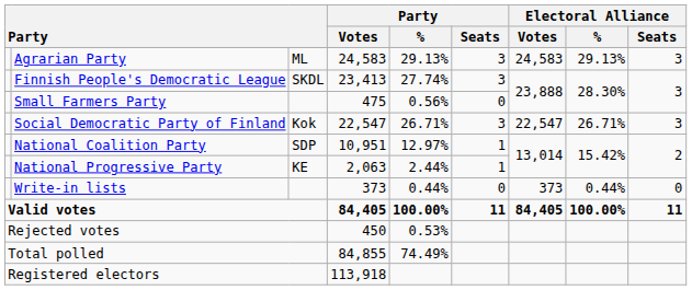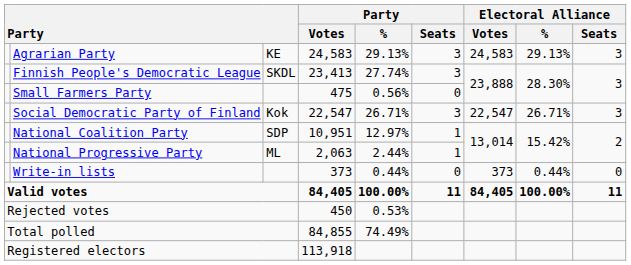 <table class="wikitable" border="1" style="text-align:right;">
 <tr>
 <th style="text-align:left;" valign=bottom rowspan=2 colspan=3>Party</th>
 <th colspan=3>Party</th>
 <th colspan=3>Electoral Alliance</th>
 </tr>
 <tr>
 <th align=center valign=bottom width="50">Votes</th>
 <th align=center valign=bottom width="50">%</th>
 <th align=center valign=bottom width="50">Seats</th>
 <th align=center valign=bottom width="50">Votes</th>
 <th align=center valign=bottom width="50">%</th>
 <th align=center valign=bottom width="50">Seats</th>
 </tr>
 <tr>
 <td></td>
 <td align=left><a href='#'>Agrarian Party</a></td>
-<td align=left>ML</td>
+<td align=left>KE</td>
 <td>24,583</td>
 <td>29.13%</td>
 <td>3</td>
 <td>24,583</td>
 <td>29.13%</td>
 <td>3</td>
 </tr>
 <tr>
 <td></td>
 <td align=left><a href='#'>Finnish People's Democratic League</a></td>
 <td align=left>SKDL</td>
 <td>23,413</td>
 <td>27.74%</td>
 <td>3</td>
 <td rowspan=2>23,888</td>
 <td rowspan=2>28.30%</td>
 <td rowspan=2>3</td>
 </tr>
 <tr>
 <td></td>
 <td align=left><a href='#'>Small Farmers Party</a></td>
 <td align=left></td>
 <td>475</td>
 <td>0.56%</td>
 <td>0</td>
 </tr>
 <tr>
 <td></td>
 <td align=left style="white-space: nowrap;"><a href='#'>Social Democratic Party of Finland</a></td>
 <td align=left>Kok</td>
 <td>22,547</td>
 <td>26.71%</td>
 <td>3</td>
 <td>22,547</td>
 <td>26.71%</td>
 <td>3</td>
 </tr>
 <tr>
 <td></td>
 <td align=left><a href='#'>National Coalition Party</a></td>
 <td align=left>SDP</td>
 <td>10,951</td>
 <td>12.97%</td>
 <td>1</td>
 <td rowspan=2>13,014</td>
 <td rowspan=2>15.42%</td>
 <td rowspan=2>2</td>
 </tr>
 <tr>
 <td></td>
 <td align=left><a href='#'>National Progressive Party</a></td>
-<td align=left>KE</td>
+<td align=left>ML</td>
 <td>2,063</td>
 <td>2.44%</td>
 <td>1</td>
 </tr>
 <tr>
 <td></td>
 <td align=left><a href='#'>Write-in lists</a></td>
 <td align=left></td>
 <td>373</td>
 <td>0.44%</td>
 <td>0</td>
 <td>373</td>
 <td>0.44%</td>
 <td>0</td>
 </tr>
 <tr style="font-weight:bold">
 <td align=left colspan=3>Valid votes</td>
 <td>84,405</td>
 <td>100.00%</td>
 <td>11</td>
 <td>84,405</td>
 <td>100.00%</td>
 <td>11</td>
 </tr>
 <tr>
 <td align=left colspan=3>Rejected votes</td>
 <td>450</td>
 <td>0.53%</td>
 <td></td>
 <td></td>
 <td></td>
 <td></td>
 </tr>
 <tr>
 <td align=left colspan=3>Total polled</td>
 <td>84,855</td>
 <td>74.49%</td>
 <td></td>
 <td></td>
 <td></td>
 <td></td>
 </tr>
 <tr>
 <td align=left colspan=3>Registered electors</td>
 <td>113,918</td>
 <td></td>
 <td></td>
 <td></td>
 <td></td>
 <td></td>
 </tr>
 </table>
